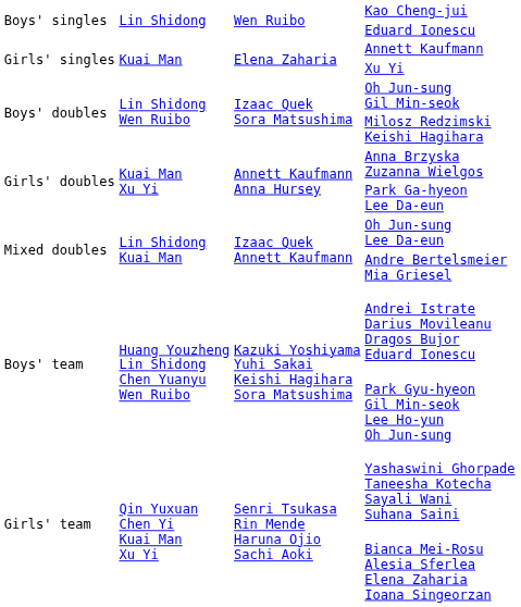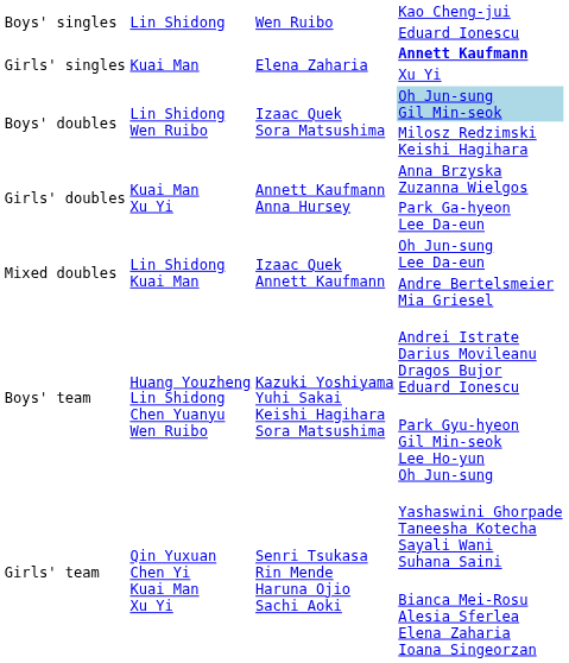 <table>
 <tr>
 <td rowspan=2>Boys' singles</td>
 <td rowspan=2> <a href='#'>Lin Shidong</a></td>
 <td rowspan=2> <a href='#'>Wen Ruibo</a></td>
 <td> <a href='#'>Kao Cheng-jui</a></td>
 </tr>
 <tr>
 <td> <a href='#'>Eduard Ionescu</a></td>
 </tr>
 <tr>
 <td rowspan=2>Girls' singles</td>
 <td rowspan=2> <a href='#'>Kuai Man</a></td>
 <td rowspan=2> <a href='#'>Elena Zaharia</a></td>
-<td> <a href='#'>Annett Kaufmann</a></td>
+<td><strong> <a href='#'>Annett Kaufmann</a></strong></td>
 </tr>
 <tr>
 <td> <a href='#'>Xu Yi</a></td>
 </tr>
 <tr>
 <td rowspan=2>Boys' doubles</td>
 <td rowspan=2> <a href='#'>Lin Shidong</a><br> <a href='#'>Wen Ruibo</a></td>
 <td rowspan=2> <a href='#'>Izaac Quek</a><br> <a href='#'>Sora Matsushima</a></td>
-<td> <a href='#'>Oh Jun-sung</a><br> <a href='#'>Gil Min-seok</a></td>
+<td style="background: lightblue;"> <a href='#'>Oh Jun-sung</a><br> <a href='#'>Gil Min-seok</a></td>
 </tr>
 <tr>
 <td> <a href='#'>Milosz Redzimski</a><br> <a href='#'>Keishi Hagihara</a></td>
 </tr>
 <tr>
 <td rowspan=2>Girls' doubles</td>
 <td rowspan=2> <a href='#'>Kuai Man</a><br> <a href='#'>Xu Yi</a></td>
 <td rowspan=2> <a href='#'>Annett Kaufmann</a><br> <a href='#'>Anna Hursey</a></td>
 <td> <a href='#'>Anna Brzyska</a><br> <a href='#'>Zuzanna Wielgos</a></td>
 </tr>
 <tr>
 <td> <a href='#'>Park Ga-hyeon</a><br> <a href='#'>Lee Da-eun</a></td>
 </tr>
 <tr>
 <td rowspan=2>Mixed doubles</td>
 <td rowspan=2> <a href='#'>Lin Shidong</a><br> <a href='#'>Kuai Man</a></td>
 <td rowspan=2> <a href='#'>Izaac Quek</a><br> <a href='#'>Annett Kaufmann</a></td>
 <td> <a href='#'>Oh Jun-sung</a><br> <a href='#'>Lee Da-eun</a></td>
 </tr>
 <tr>
 <td> <a href='#'>Andre Bertelsmeier</a><br> <a href='#'>Mia Griesel</a></td>
 </tr>
 <tr>
 <td rowspan=2>Boys' team</td>
 <td rowspan=2><br><a href='#'>Huang Youzheng</a><br><a href='#'>Lin Shidong</a><br><a href='#'>Chen Yuanyu</a><br><a href='#'>Wen Ruibo</a></td>
 <td rowspan=2><br><a href='#'>Kazuki Yoshiyama</a><br><a href='#'>Yuhi Sakai</a><br><a href='#'>Keishi Hagihara</a><br><a href='#'>Sora Matsushima</a></td>
 <td><br><a href='#'>Andrei Istrate</a><br><a href='#'>Darius Movileanu</a><br><a href='#'>Dragos Bujor</a><br><a href='#'>Eduard Ionescu</a></td>
 </tr>
 <tr>
 <td><br><a href='#'>Park Gyu-hyeon</a><br><a href='#'>Gil Min-seok</a><br><a href='#'>Lee Ho-yun</a><br><a href='#'>Oh Jun-sung</a></td>
 </tr>
 <tr>
 <td rowspan=2>Girls' team</td>
 <td rowspan=2><br><a href='#'>Qin Yuxuan</a><br><a href='#'>Chen Yi</a><br><a href='#'>Kuai Man</a><br><a href='#'>Xu Yi</a></td>
 <td rowspan=2><br><a href='#'>Senri Tsukasa</a><br><a href='#'>Rin Mende</a><br><a href='#'>Haruna Ojio</a><br><a href='#'>Sachi Aoki</a></td>
 <td><br><a href='#'>Yashaswini Ghorpade</a><br><a href='#'>Taneesha Kotecha</a><br><a href='#'>Sayali Wani</a><br><a href='#'>Suhana Saini</a></td>
 </tr>
 <tr>
 <td><br><a href='#'>Bianca Mei-Rosu</a><br><a href='#'>Alesia Sferlea</a><br><a href='#'>Elena Zaharia</a><br><a href='#'>Ioana Singeorzan</a></td>
 </tr>
 </table>
